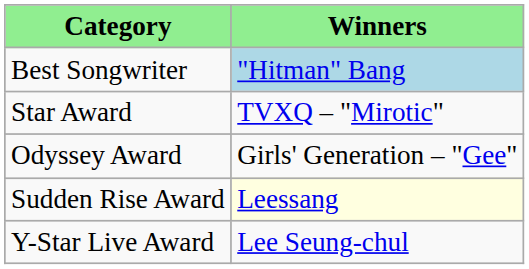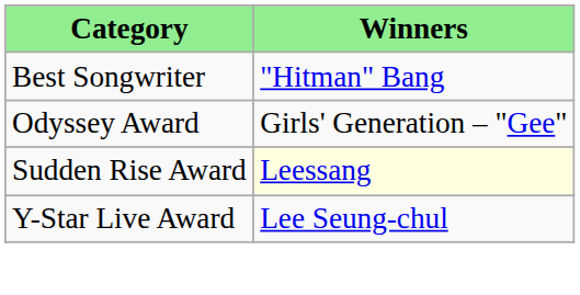 <table class="wikitable">
 <tr>
 <th style="background:#90EE90;">Category</th>
 <th style="background:#90EE90;">Winners</th>
 </tr>
 <tr>
 <td>Best Songwriter</td>
-<td style="background: lightblue;"><a href='#'>"Hitman" Bang</a></td>
-</tr>
-<tr>
-<td>Star Award</td>
-<td><a href='#'>TVXQ</a> – "<a href='#'>Mirotic</a>"</td>
+<td><a href='#'>"Hitman" Bang</a></td>
 </tr>
 <tr>
 <td>Odyssey Award</td>
 <td>Girls' Generation – "<a href='#'>Gee</a>"</td>
 </tr>
 <tr>
 <td>Sudden Rise Award</td>
 <td style="background: lightyellow;"><a href='#'>Leessang</a></td>
 </tr>
 <tr>
 <td>Y-Star Live Award</td>
 <td><a href='#'>Lee Seung-chul</a></td>
 </tr>
 </table>
